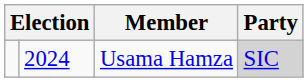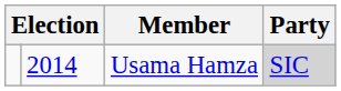 <table class="wikitable">
 <tr>
 <th colspan="2">Election</th>
 <th>Member</th>
 <th>Party</th>
 </tr>
 <tr>
 <td style="background-color: "></td>
-<td><a href='#'>2024</a></td>
+<td><a href='#'>2014</a></td>
 <td><a href='#'>Usama Hamza</a></td>
 <td style="background: lightgrey;"><a href='#'>SIC</a></td>
 </tr>
 </table>
